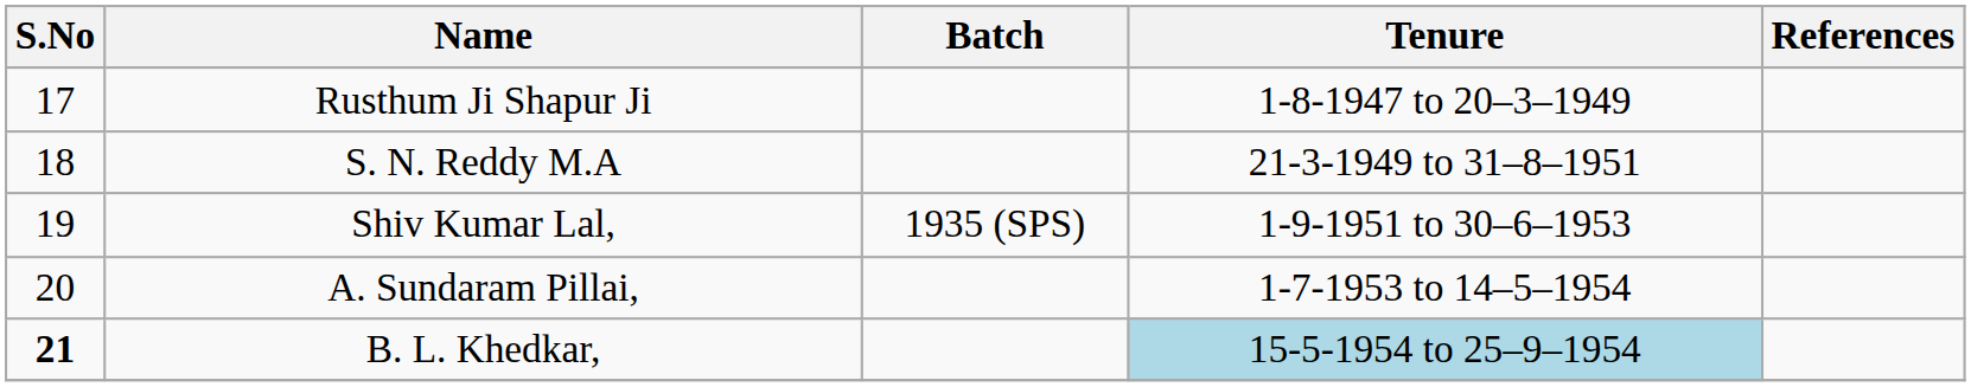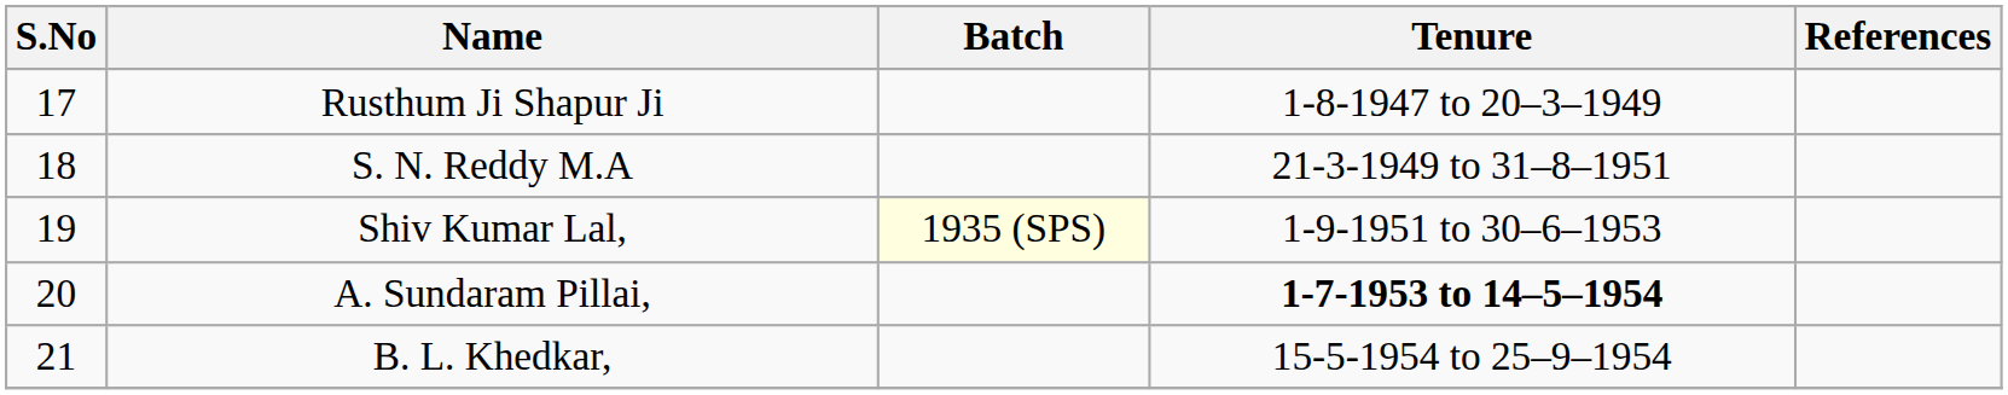 <table class="wikitable sortable" style="text-align:center">
 <tr style="background:#cccccc">
 <th scope="col" style="width: 20px;">S.No</th>
 <th scope="col" style="width: 300px;">Name</th>
 <th scope="col" style="width: 100px;">Batch</th>
 <th scope="col" style="width: 250px;">Tenure</th>
 <th scope="col" style="width: 50px;">References</th>
 </tr>
 <tr>
 <td>17</td>
 <td>Rusthum Ji Shapur Ji</td>
 <td></td>
 <td>1-8-1947 to 20–3–1949</td>
 <td></td>
 </tr>
 <tr>
 <td>18</td>
 <td>S. N. Reddy M.A</td>
 <td></td>
 <td>21-3-1949 to 31–8–1951</td>
 <td></td>
 </tr>
 <tr>
 <td>19</td>
 <td>Shiv Kumar Lal,</td>
-<td>1935 (SPS)</td>
+<td style="background: lightyellow;">1935 (SPS)</td>
 <td>1-9-1951 to 30–6–1953</td>
 <td></td>
 </tr>
 <tr>
 <td>20</td>
 <td>A. Sundaram Pillai,</td>
 <td></td>
-<td>1-7-1953 to 14–5–1954</td>
+<td><strong>1-7-1953 to 14–5–1954</strong></td>
 <td></td>
 </tr>
 <tr>
-<td><strong>21</strong></td>
+<td>21</td>
 <td>B. L. Khedkar,</td>
 <td></td>
-<td style="background: lightblue;">15-5-1954 to 25–9–1954</td>
+<td>15-5-1954 to 25–9–1954</td>
 <td></td>
 </tr>
 <tr>
 </tr>
 </table>
